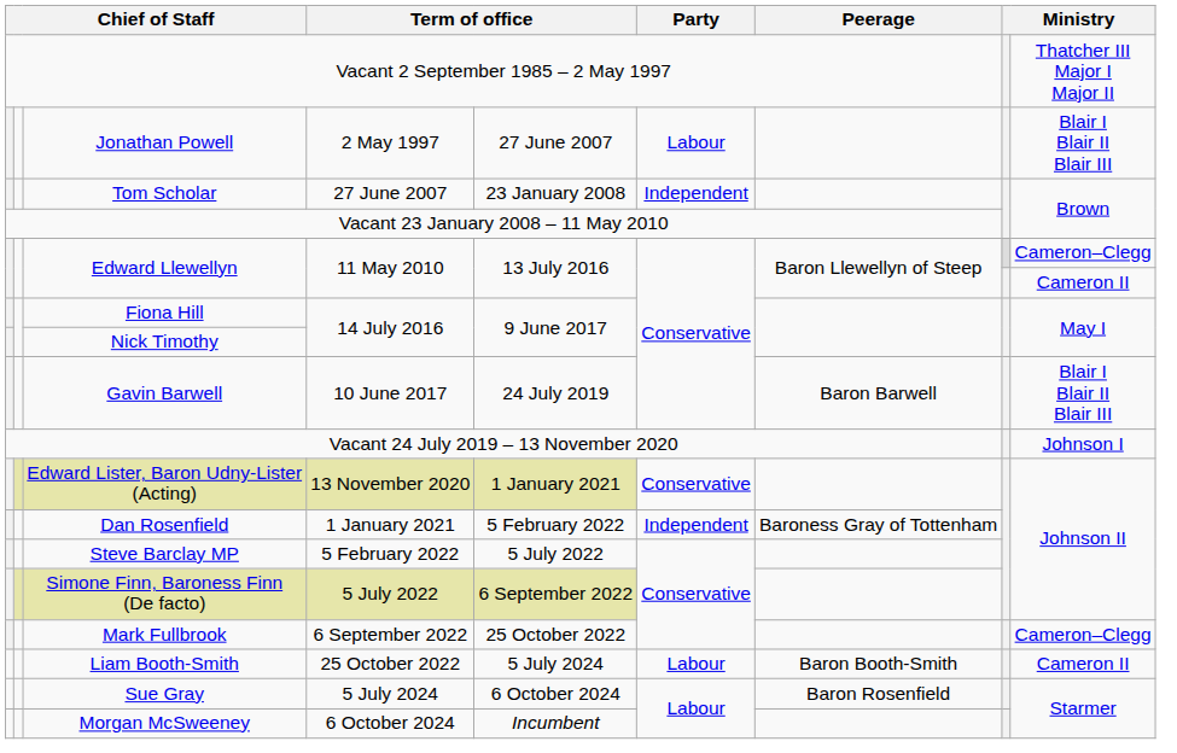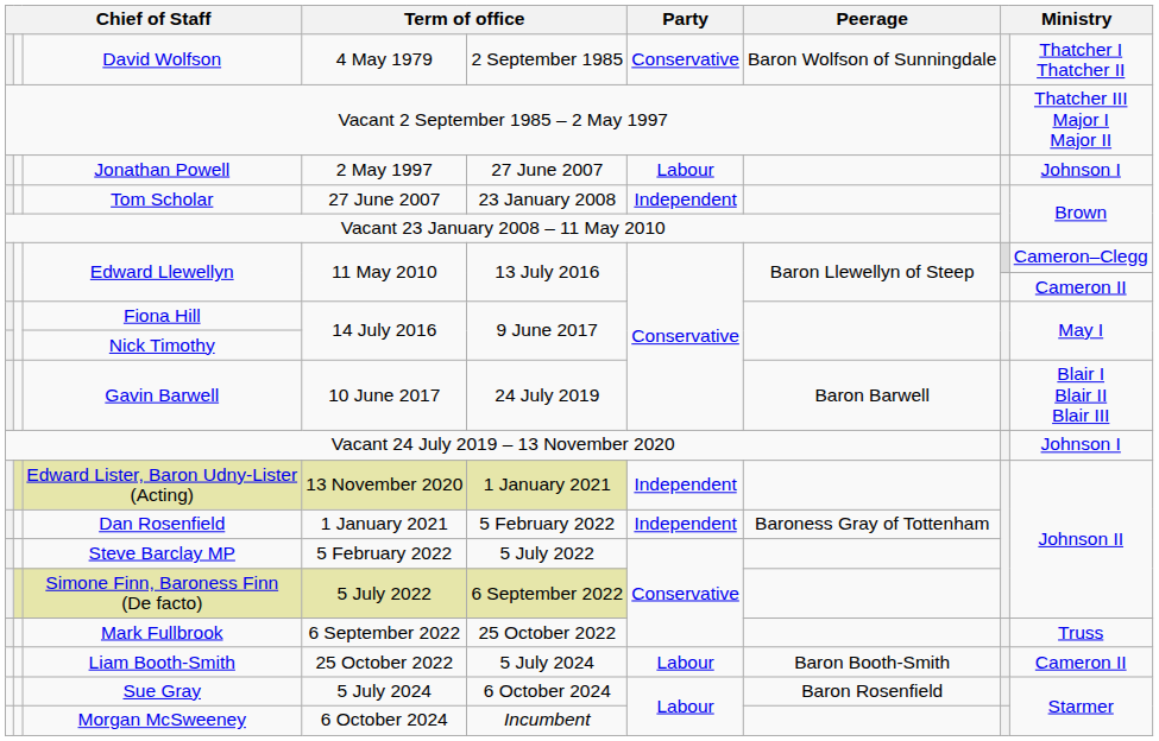 <table class="wikitable" style="text-align:center">
 <tr>
 <th colspan=3>Chief of Staff</th>
 <th colspan=2>Term of office</th>
 <th>Party</th>
 <th><strong>Peerage</strong></th>
 <th colspan="2">Ministry</th>
+</tr>
+<tr style="height:1em">
+<th style="background-color:"></th>
+<td></td>
+<td><a href='#'>David Wolfson</a></td>
+<td>4 May 1979</td>
+<td>2 September 1985</td>
+<td><a href='#'>Conservative</a></td>
+<td>Baron Wolfson of Sunningdale</td>
+<th style="background-color:"></th>
+<td><a href='#'>Thatcher I</a><br><a href='#'>Thatcher II</a></td>
 </tr>
 <tr>
 <td colspan="7">Vacant 2 September 1985 – 2 May 1997<br></td>
 <th style="background-color:"></th>
 <td><a href='#'>Thatcher III</a><br><a href='#'>Major I</a><br><a href='#'>Major II</a></td>
 </tr>
 <tr style="height:1em">
 <th style="background-color:"></th>
 <td Jonathan Powell crop.jpg></td>
 <td><a href='#'>Jonathan Powell</a></td>
 <td>2 May 1997</td>
 <td>27 June 2007</td>
 <td><a href='#'>Labour</a></td>
 <td></td>
 <th style="background-color:"></th>
-<td><a href='#'>Blair I</a><br><a href='#'>Blair II</a><br><a href='#'>Blair III</a></td>
+<td><a href='#'>Johnson I</a></td>
 </tr>
 <tr style="height:1em">
 <th style="background-color:"></th>
 <td></td>
 <td><a href='#'>Tom Scholar</a></td>
 <td>27 June 2007</td>
 <td>23 January 2008</td>
 <td><a href='#'>Independent</a></td>
 <td></td>
 <th rowspan="2" style="background-color:"></th>
 <td rowspan=2><a href='#'>Brown</a></td>
 </tr>
 <tr>
 <td colspan="7">Vacant 23 January 2008 – 11 May 2010<br></td>
 </tr>
 <tr style="height:1em">
 <th rowspan=2 style="background-color:"></th>
 <td rowspan=2 S465 EdLlewellyn2017 GOVUK.jpg></td>
 <td rowspan=2><a href='#'>Edward Llewellyn</a></td>
 <td rowspan=2>11 May 2010</td>
 <td rowspan=2>13 July 2016</td>
 <td rowspan="5"><a href='#'>Conservative</a></td>
 <td rowspan="2">Baron Llewellyn of Steep</td>
 <th style="background-color:#ddd"></th>
 <td><a href='#'>Cameron–Clegg</a></td>
 </tr>
 <tr>
 <th style="background-color:"></th>
 <td><a href='#'>Cameron II</a></td>
 </tr>
 <tr style="height:1em">
 <th style="background-color:"></th>
 <td rowspan=2></td>
 <td><a href='#'>Fiona Hill</a></td>
 <td rowspan=2>14 July 2016</td>
 <td rowspan=2>9 June 2017</td>
 <td rowspan="2"></td>
 <th rowspan="2" style="background-color:"></th>
 <td rowspan=2><a href='#'>May I</a></td>
 </tr>
 <tr style="height:1em">
 <th style="background-color:"></th>
 <td><a href='#'>Nick Timothy</a></td>
 </tr>
 <tr style="height:1em">
 <th style="background-color:"></th>
 <td></td>
 <td><a href='#'>Gavin Barwell</a></td>
 <td>10 June 2017</td>
 <td>24 July 2019</td>
 <td>Baron Barwell</td>
 <th style="background-color:"></th>
 <td><a href='#'>Blair I</a><br><a href='#'>Blair II</a><br><a href='#'>Blair III</a></td>
 </tr>
 <tr>
 <td colspan="7">Vacant 24 July 2019 – 13 November 2020<br></td>
 <th style="background-color:"></th>
 <td><a href='#'>Johnson I</a></td>
 </tr>
 <tr style="height:1em">
 <th style="background-color:"></th>
 <td bgcolor="#e6e6aa"></td>
 <td bgcolor="#e6e6aa"><a href='#'>Edward Lister, Baron Udny-Lister</a><br>(Acting)</td>
 <td bgcolor="#e6e6aa">13 November 2020</td>
 <td bgcolor="#e6e6aa">1 January 2021</td>
-<td><a href='#'>Conservative</a></td>
+<td><a href='#'>Independent</a></td>
 <td></td>
 <th rowspan="4" style="background-color:"></th>
 <td rowspan=4><a href='#'>Johnson II</a></td>
 </tr>
 <tr style="height:1em">
 <th style="background-color:"></th>
 <td></td>
 <td><a href='#'>Dan Rosenfield</a></td>
 <td>1 January 2021</td>
 <td>5 February 2022</td>
 <td><a href='#'>Independent</a></td>
 <td>Baroness Gray of Tottenham</td>
 </tr>
 <tr style="height:1em">
 <th style="background-color:"></th>
 <td></td>
 <td><a href='#'>Steve Barclay MP</a></td>
 <td>5 February 2022</td>
 <td>5 July 2022</td>
 <td rowspan="3"><a href='#'>Conservative</a></td>
 <td></td>
 </tr>
 <tr style="height:1em">
 <th style="background-color:"></th>
 <td bgcolor="#e6e6aa"></td>
 <td bgcolor="#e6e6aa"><a href='#'>Simone Finn, Baroness Finn</a><br>(De facto)</td>
 <td bgcolor="#e6e6aa">5 July 2022</td>
 <td bgcolor="#e6e6aa">6 September 2022</td>
 <td></td>
 </tr>
 <tr style="height:1em">
 <th style="background-color:"></th>
 <td></td>
 <td><a href='#'>Mark Fullbrook</a></td>
 <td>6 September 2022</td>
 <td>25 October 2022</td>
 <td></td>
 <th style="background-color:"></th>
-<td><a href='#'>Cameron–Clegg</a></td>
+<td><a href='#'>Truss</a></td>
 </tr>
 <tr style="height:1em">
 <td style="background-color:"></td>
 <td></td>
 <td><a href='#'>Liam Booth-Smith</a></td>
 <td>25 October 2022</td>
 <td>5 July 2024</td>
 <td><a href='#'>Labour</a></td>
 <td>Baron Booth-Smith</td>
 <th style="background-color:"></th>
 <td><a href='#'>Cameron II</a></td>
 </tr>
 <tr style="height:1em">
 <td style="background-color:"></td>
 <td></td>
 <td><a href='#'>Sue Gray</a></td>
 <td>5 July 2024</td>
 <td>6 October 2024</td>
 <td rowspan="2"><a href='#'>Labour</a></td>
 <td>Baron Rosenfield</td>
 <th style="background-color:"></th>
 <td rowspan="2"><a href='#'>Starmer</a></td>
 </tr>
 <tr style="height:1em">
 <td style="background-color:"></td>
 <td></td>
 <td><a href='#'>Morgan McSweeney</a></td>
 <td>6 October 2024</td>
 <td><em>Incumbent</em></td>
 <td></td>
 <th style="background-color:"></th>
 </tr>
 </table>
